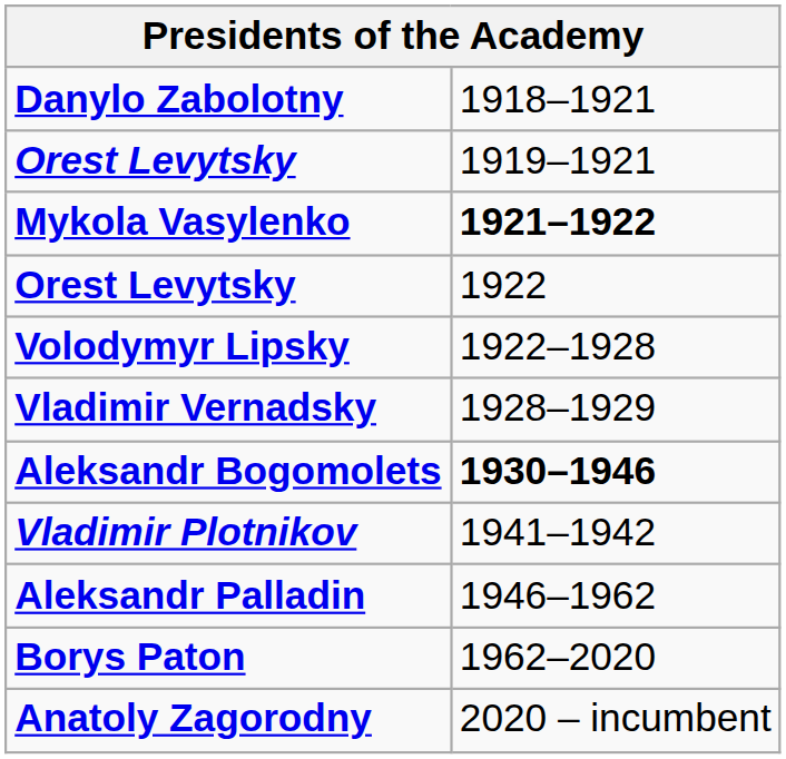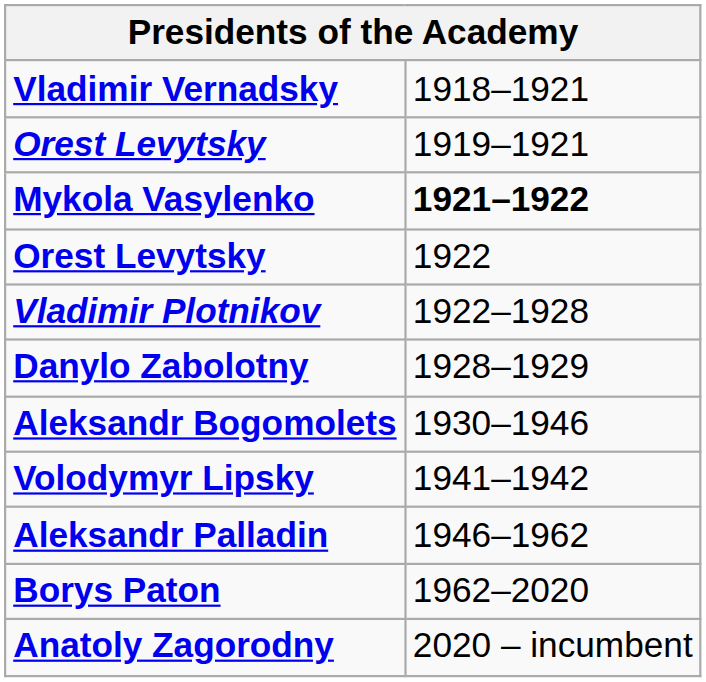 <table class="wikitable">
 <tr>
 <th colspan=2>Presidents of the Academy</th>
 </tr>
 <tr>
-<td><strong><a href='#'>Danylo Zabolotny</a></strong></td>
+<td><strong><a href='#'>Vladimir Vernadsky</a></strong></td>
 <td>1918–1921</td>
 </tr>
 <tr>
 <td><strong><em><a href='#'>Orest Levytsky</a></em></strong></td>
 <td>1919–1921</td>
 </tr>
 <tr>
 <td><strong><a href='#'>Mykola Vasylenko</a></strong></td>
 <td><strong>1921–1922</strong></td>
 </tr>
 <tr>
 <td><strong><a href='#'>Orest Levytsky</a></strong></td>
 <td>1922</td>
 </tr>
 <tr>
-<td><strong><a href='#'>Volodymyr Lipsky</a></strong></td>
+<td><strong><em><a href='#'>Vladimir Plotnikov</a></em></strong></td>
 <td>1922–1928</td>
 </tr>
 <tr>
-<td><strong><a href='#'>Vladimir Vernadsky</a></strong></td>
+<td><strong><a href='#'>Danylo Zabolotny</a></strong></td>
 <td>1928–1929</td>
 </tr>
 <tr>
 <td><strong><a href='#'>Aleksandr Bogomolets</a></strong></td>
-<td><strong>1930–1946</strong></td>
+<td>1930–1946</td>
 </tr>
 <tr>
-<td><strong><em><a href='#'>Vladimir Plotnikov</a></em></strong></td>
+<td><strong><a href='#'>Volodymyr Lipsky</a></strong></td>
 <td>1941–1942</td>
 </tr>
 <tr>
 <td><strong><a href='#'>Aleksandr Palladin</a></strong></td>
 <td>1946–1962</td>
 </tr>
 <tr>
 <td><strong><a href='#'>Borys Paton</a></strong></td>
 <td>1962–2020</td>
 </tr>
 <tr>
 <td><strong><a href='#'>Anatoly Zagorodny</a></strong></td>
 <td>2020 – incumbent</td>
 </tr>
 </table>
